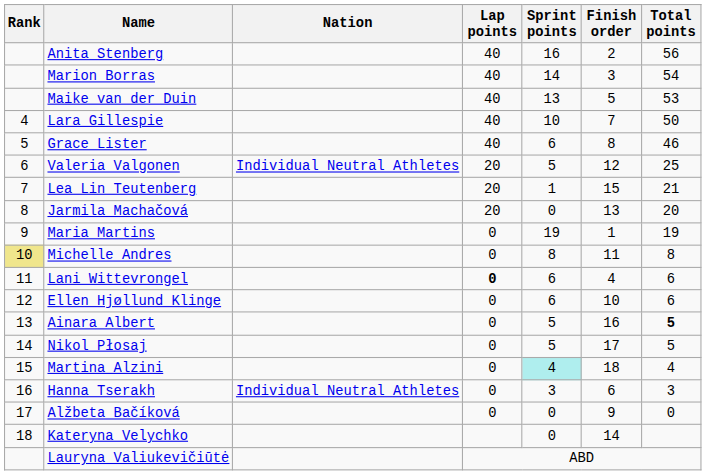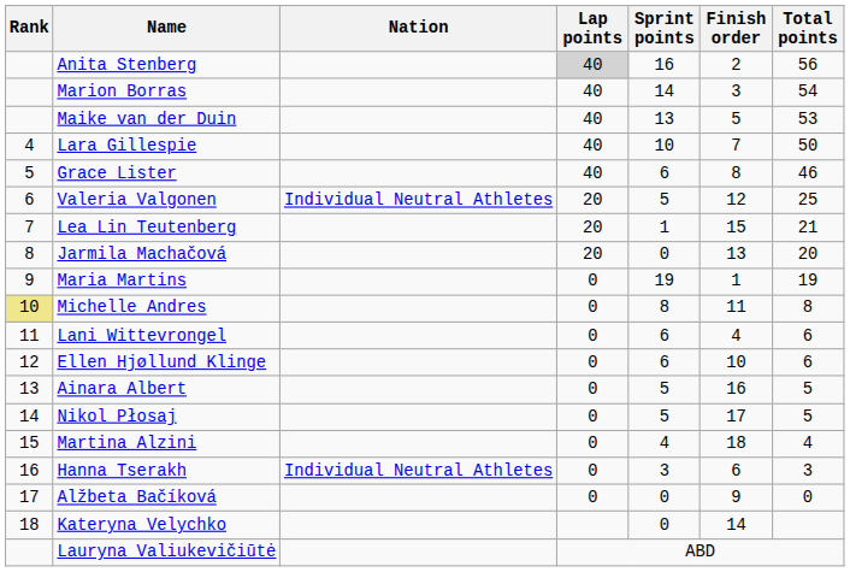 <table class="wikitable sortable" style="text-align:center">
 <tr>
 <th>Rank</th>
 <th>Name</th>
 <th>Nation</th>
 <th width=50>Lap points</th>
 <th width=50>Sprint points</th>
 <th width=50>Finish order</th>
 <th width=50>Total points</th>
 </tr>
 <tr>
 <td></td>
 <td align=left><a href='#'>Anita Stenberg</a></td>
 <td align=left></td>
-<td>40</td>
+<td style="background: lightgrey;">40</td>
 <td>16</td>
 <td>2</td>
 <td>56</td>
 </tr>
 <tr>
 <td></td>
 <td align=left><a href='#'>Marion Borras</a></td>
 <td align=left></td>
 <td>40</td>
 <td>14</td>
 <td>3</td>
 <td>54</td>
 </tr>
 <tr>
 <td></td>
 <td align=left><a href='#'>Maike van der Duin</a></td>
 <td align=left></td>
 <td>40</td>
 <td>13</td>
 <td>5</td>
 <td>53</td>
 </tr>
 <tr>
 <td>4</td>
 <td align=left><a href='#'>Lara Gillespie</a></td>
 <td align=left></td>
 <td>40</td>
 <td>10</td>
 <td>7</td>
 <td>50</td>
 </tr>
 <tr>
 <td>5</td>
 <td align=left><a href='#'>Grace Lister</a></td>
 <td align=left></td>
 <td>40</td>
 <td>6</td>
 <td>8</td>
 <td>46</td>
 </tr>
 <tr>
 <td>6</td>
 <td align=left><a href='#'>Valeria Valgonen</a></td>
 <td align=left><a href='#'>Individual Neutral Athletes</a></td>
 <td>20</td>
 <td>5</td>
 <td>12</td>
 <td>25</td>
 </tr>
 <tr>
 <td>7</td>
 <td align=left><a href='#'>Lea Lin Teutenberg</a></td>
 <td align=left></td>
 <td>20</td>
 <td>1</td>
 <td>15</td>
 <td>21</td>
 </tr>
 <tr>
 <td>8</td>
 <td align=left><a href='#'>Jarmila Machačová</a></td>
 <td align=left></td>
 <td>20</td>
 <td>0</td>
 <td>13</td>
 <td>20</td>
 </tr>
 <tr>
 <td>9</td>
 <td align=left><a href='#'>Maria Martins</a></td>
 <td align=left></td>
 <td>0</td>
 <td>19</td>
 <td>1</td>
 <td>19</td>
 </tr>
 <tr>
 <td style="background: khaki;">10</td>
 <td align=left><a href='#'>Michelle Andres</a></td>
 <td align=left></td>
 <td>0</td>
 <td>8</td>
 <td>11</td>
 <td>8</td>
 </tr>
 <tr>
 <td>11</td>
 <td align=left><a href='#'>Lani Wittevrongel</a></td>
 <td align=left></td>
-<td><strong>0</strong></td>
+<td>0</td>
 <td>6</td>
 <td>4</td>
 <td>6</td>
 </tr>
 <tr>
 <td>12</td>
 <td align=left><a href='#'>Ellen Hjøllund Klinge</a></td>
 <td align=left></td>
 <td>0</td>
 <td>6</td>
 <td>10</td>
 <td>6</td>
 </tr>
 <tr>
 <td>13</td>
 <td align=left><a href='#'>Ainara Albert</a></td>
 <td align=left></td>
 <td>0</td>
 <td>5</td>
 <td>16</td>
-<td><strong>5</strong></td>
+<td>5</td>
 </tr>
 <tr>
 <td>14</td>
 <td align=left><a href='#'>Nikol Płosaj</a></td>
 <td align=left></td>
 <td>0</td>
 <td>5</td>
 <td>17</td>
 <td>5</td>
 </tr>
 <tr>
 <td>15</td>
 <td align=left><a href='#'>Martina Alzini</a></td>
 <td align=left></td>
 <td>0</td>
-<td style="background: paleturquoise;">4</td>
+<td>4</td>
 <td>18</td>
 <td>4</td>
 </tr>
 <tr>
 <td>16</td>
 <td align=left><a href='#'>Hanna Tserakh</a></td>
 <td align=left><a href='#'>Individual Neutral Athletes</a></td>
 <td>0</td>
 <td>3</td>
 <td>6</td>
 <td>3</td>
 </tr>
 <tr>
 <td>17</td>
 <td align=left><a href='#'>Alžbeta Bačíková</a></td>
 <td align=left></td>
 <td>0</td>
 <td>0</td>
 <td>9</td>
 <td>0</td>
 </tr>
 <tr>
 <td>18</td>
 <td align=left><a href='#'>Kateryna Velychko</a></td>
 <td align=left></td>
 <td></td>
 <td>0</td>
 <td>14</td>
 <td></td>
 </tr>
 <tr>
 <td></td>
 <td align=left><a href='#'>Lauryna Valiukevičiūtė</a></td>
 <td align=left></td>
 <td colspan=4>ABD</td>
 </tr>
 </table>
